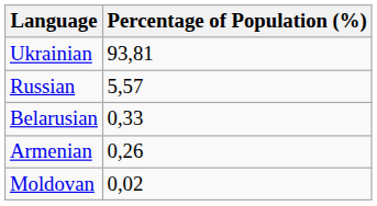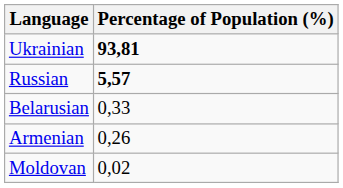 <table class="wikitable">
 <tr>
 <th>Language</th>
 <th>Percentage of Population (%)</th>
 </tr>
 <tr>
 <td><a href='#'>Ukrainian</a></td>
-<td>93,81</td>
+<td><strong>93,81</strong></td>
 </tr>
 <tr>
 <td><a href='#'>Russian</a></td>
-<td>5,57</td>
+<td><strong>5,57</strong></td>
 </tr>
 <tr>
 <td><a href='#'>Belarusian</a></td>
 <td>0,33</td>
 </tr>
 <tr>
 <td><a href='#'>Armenian</a></td>
 <td>0,26</td>
 </tr>
 <tr>
 <td><a href='#'>Moldovan</a></td>
 <td>0,02</td>
 </tr>
 </table>
